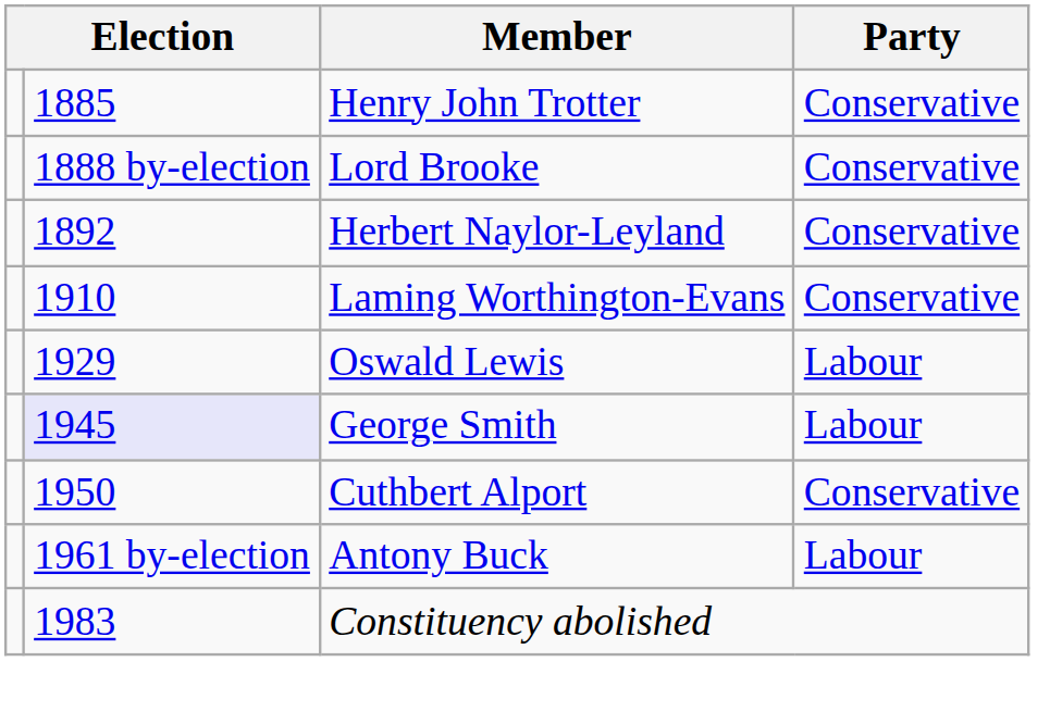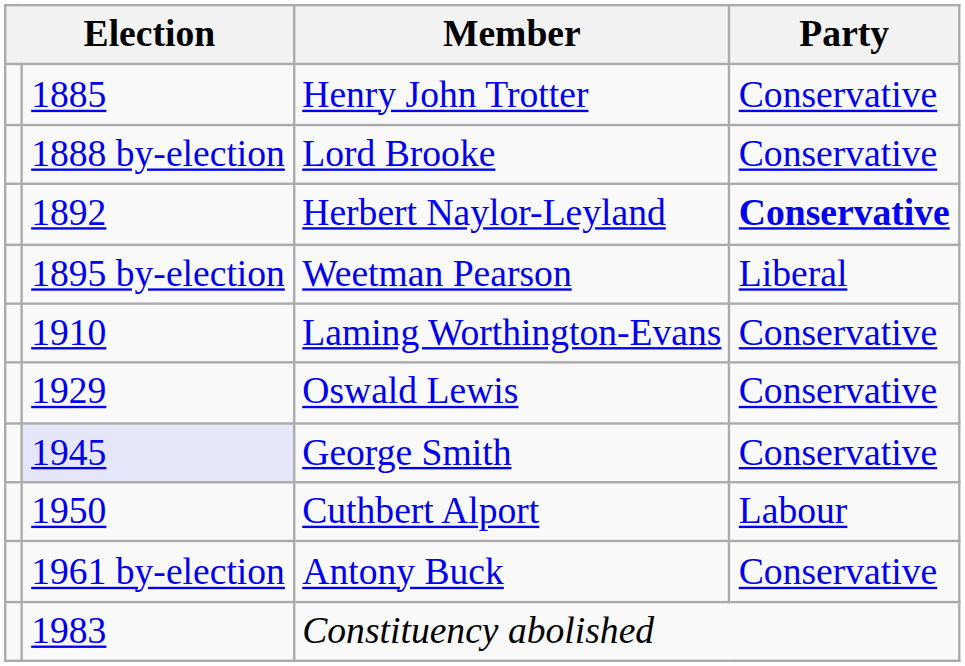 <table class="wikitable">
 <tr>
 <th colspan="2">Election</th>
 <th>Member</th>
 <th>Party</th>
 </tr>
 <tr>
 <td style="color:inherit;background-color: "></td>
 <td><a href='#'>1885</a></td>
 <td><a href='#'>Henry John Trotter</a></td>
 <td><a href='#'>Conservative</a></td>
 </tr>
 <tr>
 <td style="color:inherit;background-color: "></td>
 <td><a href='#'>1888 by-election</a></td>
 <td><a href='#'>Lord Brooke</a></td>
 <td><a href='#'>Conservative</a></td>
 </tr>
 <tr>
 <td style="color:inherit;background-color: "></td>
 <td><a href='#'>1892</a></td>
 <td><a href='#'>Herbert Naylor-Leyland</a></td>
-<td><a href='#'>Conservative</a></td>
+<td><strong><a href='#'>Conservative</a></strong></td>
+</tr>
+<tr>
+<td style="color:inherit;background-color: "></td>
+<td><a href='#'>1895 by-election</a></td>
+<td><a href='#'>Weetman Pearson</a></td>
+<td><a href='#'>Liberal</a></td>
 </tr>
 <tr>
 <td style="color:inherit;background-color: "></td>
 <td><a href='#'>1910</a></td>
 <td><a href='#'>Laming Worthington-Evans</a></td>
 <td><a href='#'>Conservative</a></td>
 </tr>
 <tr>
 <td style="color:inherit;background-color: "></td>
 <td><a href='#'>1929</a></td>
 <td><a href='#'>Oswald Lewis</a></td>
-<td><a href='#'>Labour</a></td>
+<td><a href='#'>Conservative</a></td>
 </tr>
 <tr>
 <td style="color:inherit;background-color: "></td>
 <td style="background: lavender;"><a href='#'>1945</a></td>
 <td><a href='#'>George Smith</a></td>
-<td><a href='#'>Labour</a></td>
+<td><a href='#'>Conservative</a></td>
 </tr>
 <tr>
 <td style="color:inherit;background-color: "></td>
 <td><a href='#'>1950</a></td>
 <td><a href='#'>Cuthbert Alport</a></td>
-<td><a href='#'>Conservative</a></td>
+<td><a href='#'>Labour</a></td>
 </tr>
 <tr>
 <td style="color:inherit;background-color: "></td>
 <td><a href='#'>1961 by-election</a></td>
 <td><a href='#'>Antony Buck</a></td>
-<td><a href='#'>Labour</a></td>
+<td><a href='#'>Conservative</a></td>
 </tr>
 <tr>
 <td></td>
 <td><a href='#'>1983</a></td>
 <td colspan="2"><em>Constituency abolished</em></td>
 </tr>
 </table>
